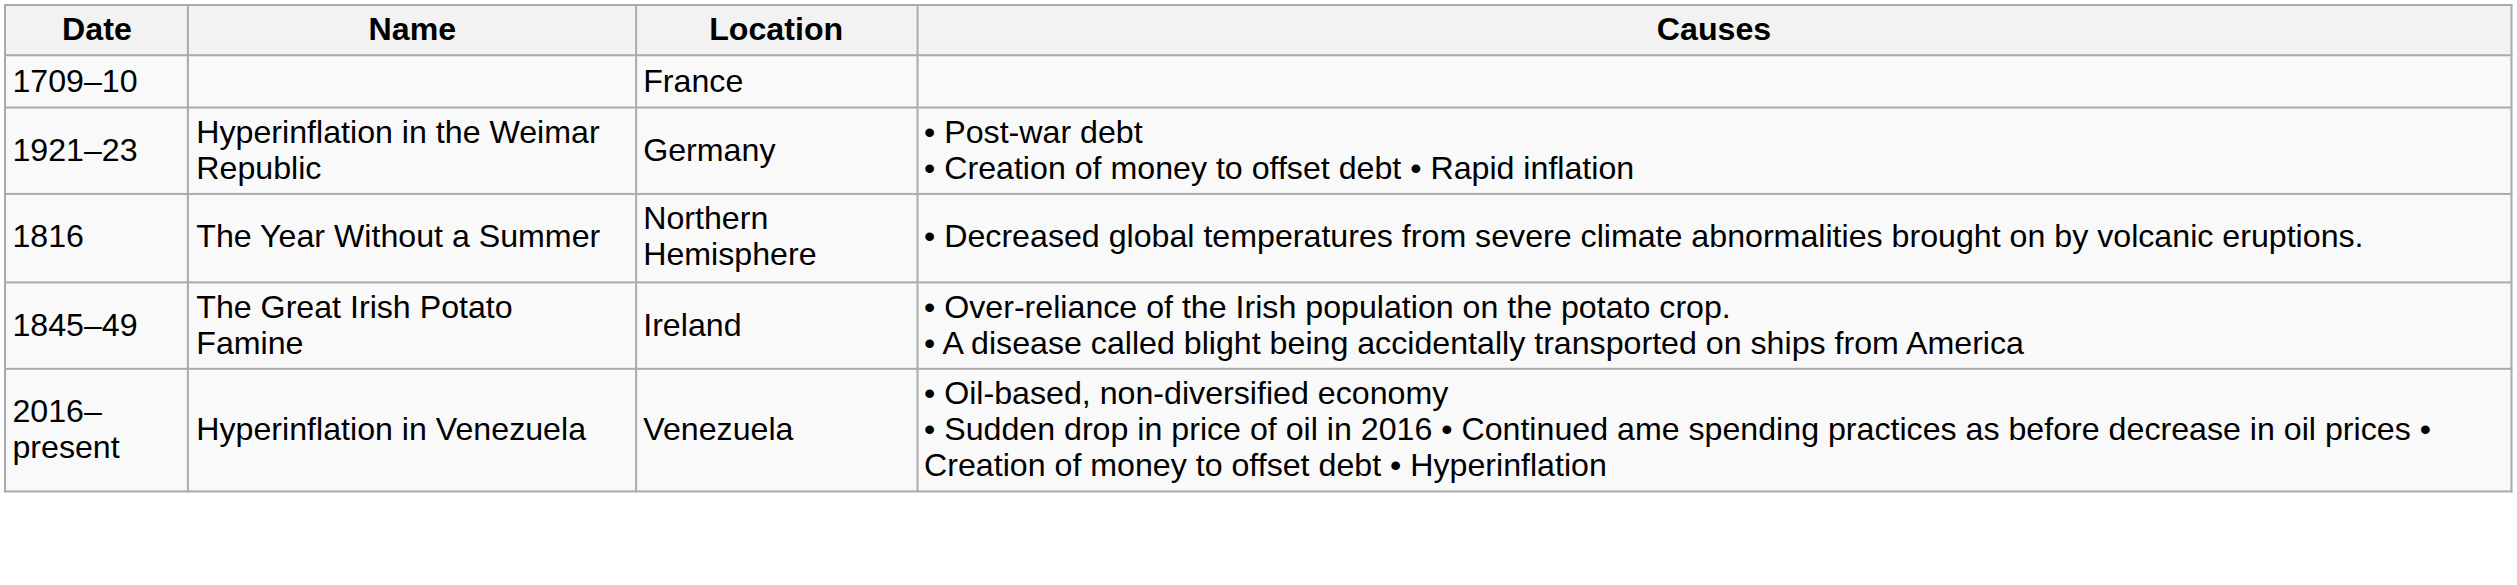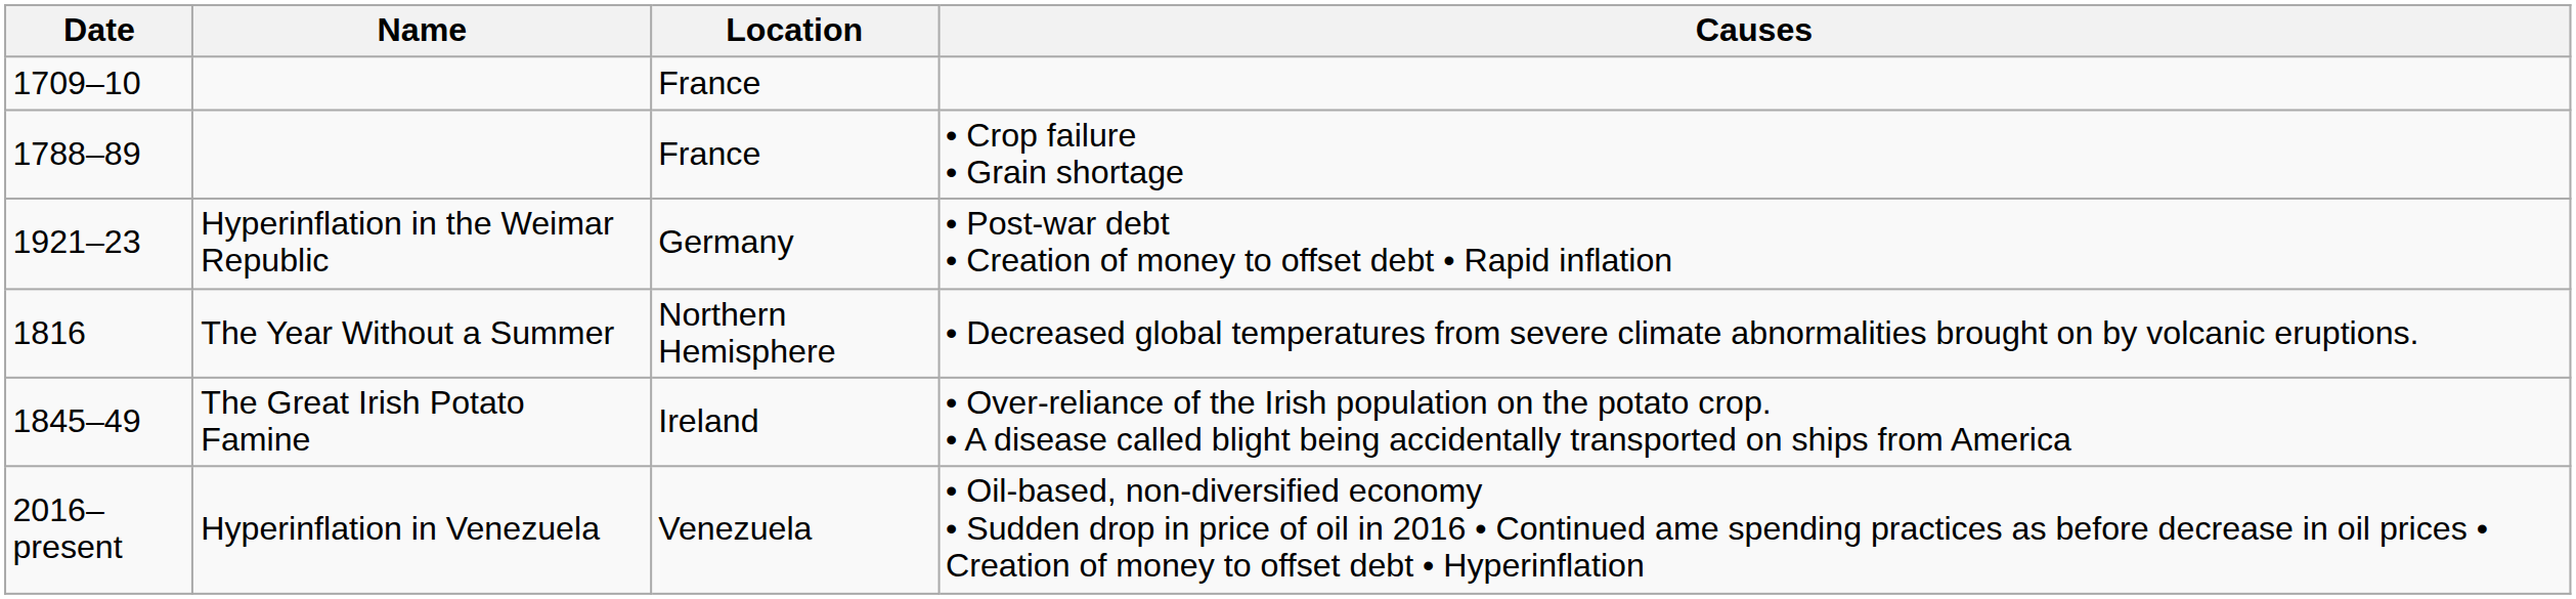 <table class="wikitable">
 <tr>
 <th>Date</th>
 <th>Name</th>
 <th>Location</th>
 <th>Causes</th>
 </tr>
 <tr>
 <td>1709–10</td>
 <td></td>
 <td>France</td>
 <td •  Economic inequality></td>
+</tr>
+<tr>
+<td>1788–89</td>
+<td></td>
+<td>France</td>
+<td>•  Crop failure<br>•  Grain shortage</td>
 </tr>
 <tr>
 <td>1921–23</td>
 <td>Hyperinflation in the Weimar Republic</td>
 <td>Germany</td>
 <td>•  Post-war debt<br>•  Creation of money to offset debt •  Rapid inflation</td>
 </tr>
 <tr>
 <td>1816</td>
 <td>The Year Without a Summer</td>
 <td>Northern Hemisphere</td>
 <td>•  Decreased global temperatures from severe climate abnormalities brought on by volcanic eruptions.</td>
 </tr>
 <tr>
 <td>1845–49</td>
 <td>The Great Irish Potato Famine</td>
 <td>Ireland</td>
 <td>• Over-reliance of the Irish population on the potato crop.<br>• A disease called blight being accidentally transported on ships from America</td>
 </tr>
 <tr>
 <td>2016–present</td>
 <td>Hyperinflation in Venezuela</td>
 <td>Venezuela</td>
 <td>•  Oil-based, non-diversified economy<br>•  Sudden drop in price of oil in 2016 •  Continued ame spending practices as before decrease in oil prices •  Creation of money to offset debt •  Hyperinflation</td>
 </tr>
 </table>
